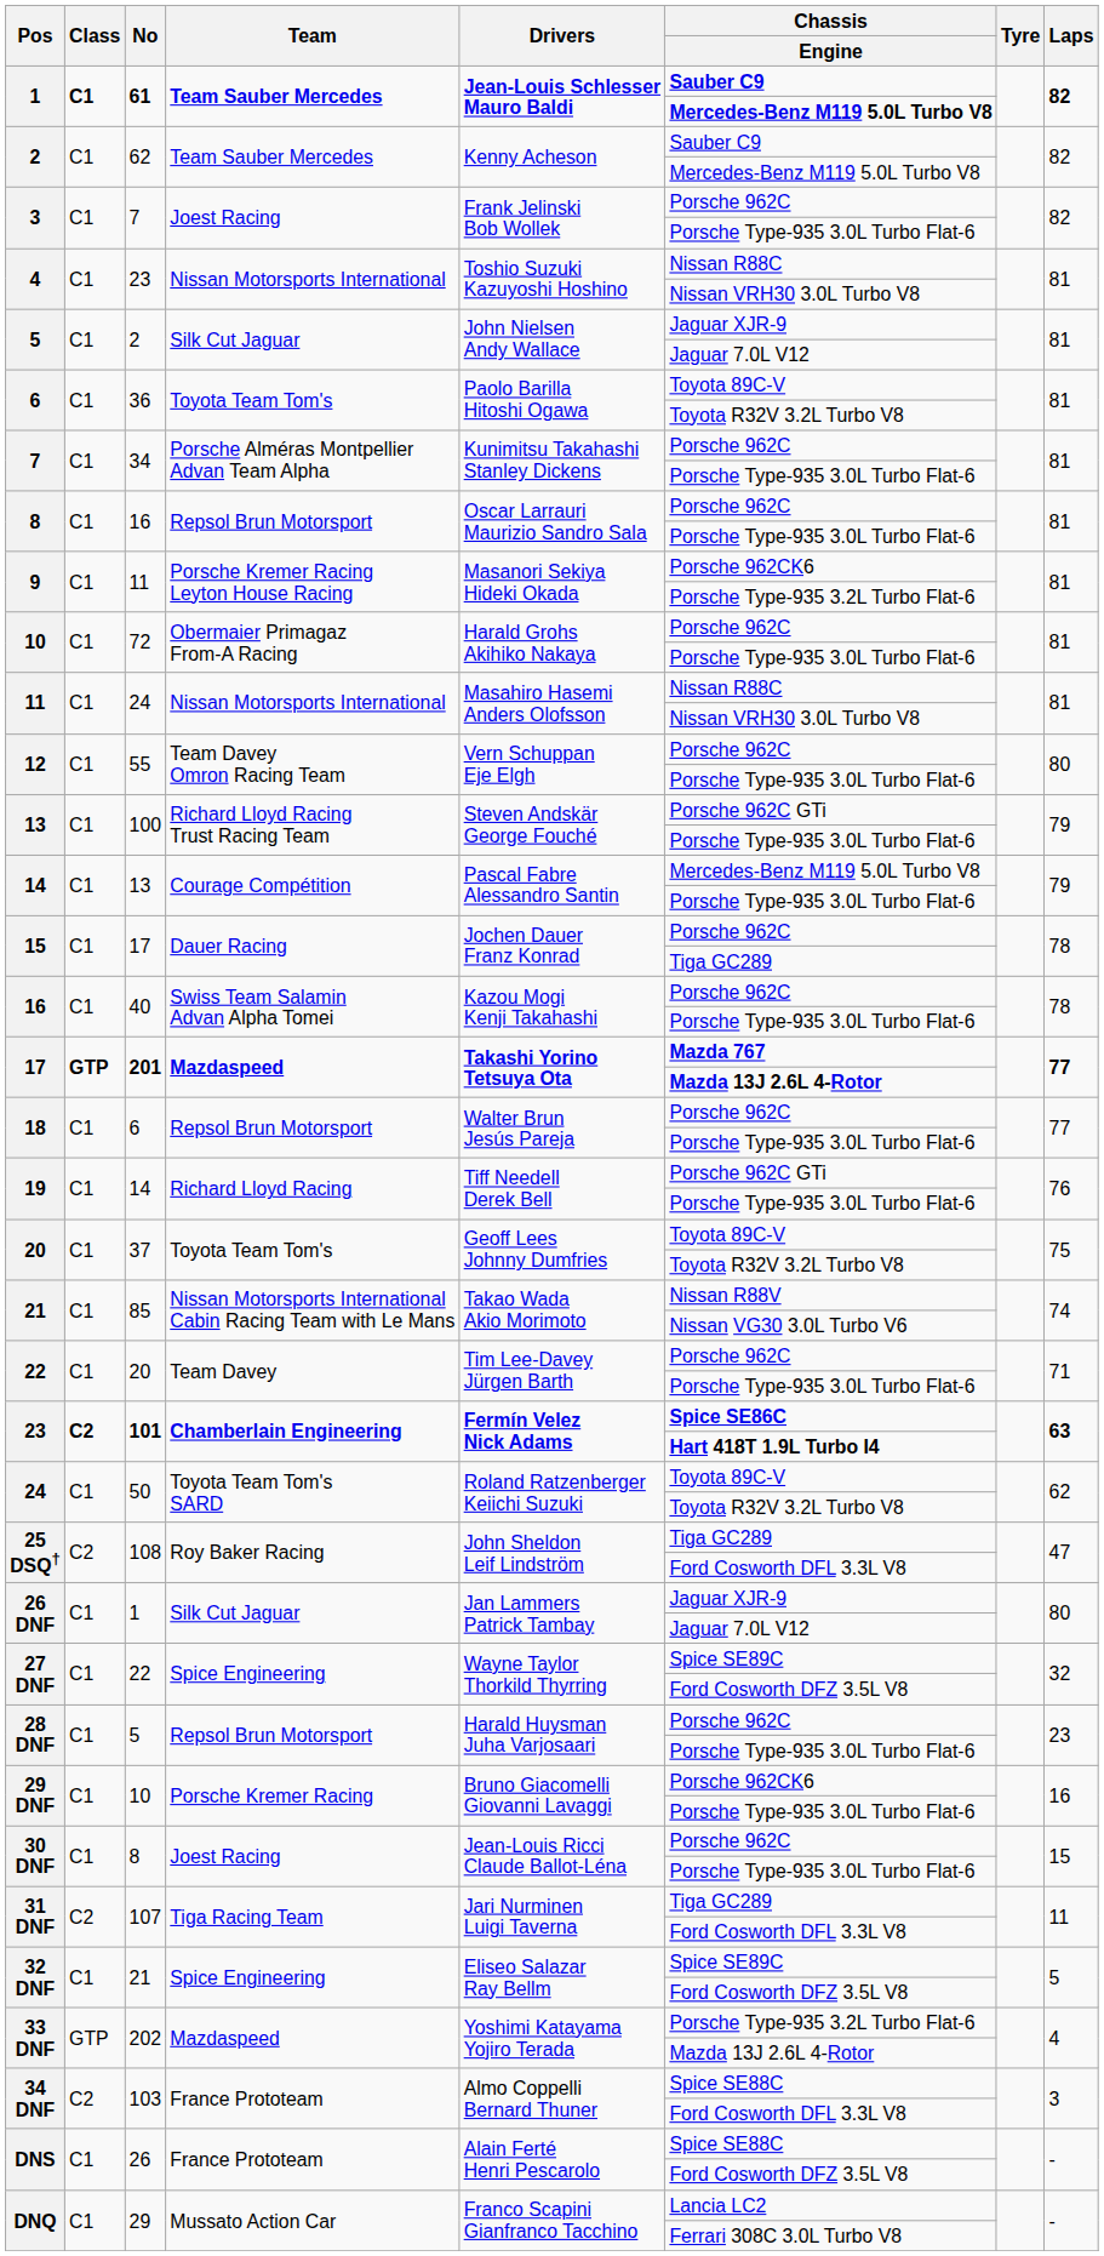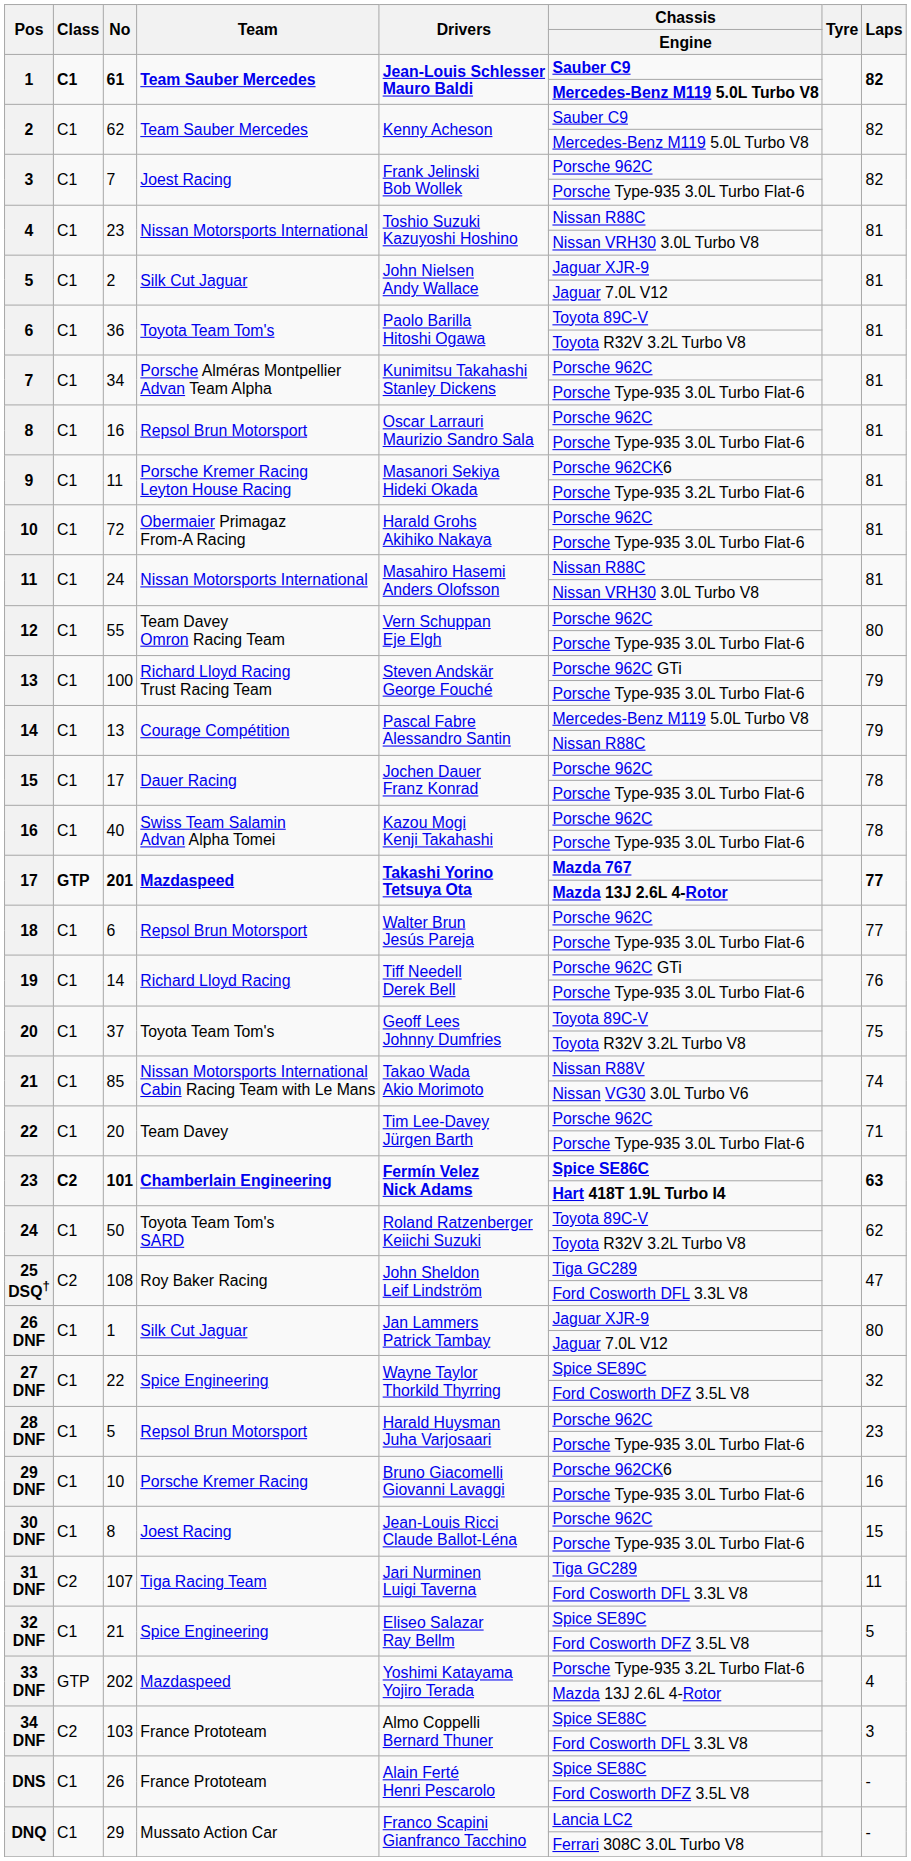 <table class="wikitable" style="font-size: 95%;">
 <tr>
 <th rowspan=2>Pos</th>
 <th rowspan=2>Class</th>
 <th rowspan=2>No</th>
 <th rowspan=2>Team</th>
 <th rowspan=2>Drivers</th>
 <th>Chassis</th>
 <th rowspan=2>Tyre</th>
 <th rowspan=2>Laps</th>
 </tr>
 <tr>
 <th>Engine</th>
 </tr>
 <tr style="font-weight:bold">
 <th rowspan=2>1</th>
 <td rowspan=2>C1</td>
 <td rowspan=2>61</td>
 <td rowspan=2> <a href='#'>Team Sauber Mercedes</a></td>
 <td rowspan=2> <a href='#'>Jean-Louis Schlesser</a><br> <a href='#'>Mauro Baldi</a></td>
 <td><a href='#'>Sauber C9</a></td>
 <td rowspan=2></td>
 <td rowspan=2>82</td>
 </tr>
 <tr style="font-weight:bold">
 <td><a href='#'>Mercedes-Benz M119</a> 5.0L Turbo V8</td>
 </tr>
 <tr>
 <th rowspan=2>2</th>
 <td rowspan=2>C1</td>
 <td rowspan=2>62</td>
 <td rowspan=2> <a href='#'>Team Sauber Mercedes</a></td>
 <td rowspan=2> <a href='#'>Kenny Acheson</a></td>
 <td><a href='#'>Sauber C9</a></td>
 <td rowspan=2></td>
 <td rowspan=2>82</td>
 </tr>
 <tr>
 <td><a href='#'>Mercedes-Benz M119</a> 5.0L Turbo V8</td>
 </tr>
 <tr>
 <th rowspan=2>3</th>
 <td rowspan=2>C1</td>
 <td rowspan=2>7</td>
 <td rowspan=2> <a href='#'>Joest Racing</a></td>
 <td rowspan=2> <a href='#'>Frank Jelinski</a><br> <a href='#'>Bob Wollek</a></td>
 <td><a href='#'>Porsche 962C</a></td>
 <td rowspan=2></td>
 <td rowspan=2>82</td>
 </tr>
 <tr>
 <td><a href='#'>Porsche</a> Type-935 3.0L Turbo Flat-6</td>
 </tr>
 <tr>
 <th rowspan=2>4</th>
 <td rowspan=2>C1</td>
 <td rowspan=2>23</td>
 <td rowspan=2> <a href='#'>Nissan Motorsports International</a></td>
 <td rowspan=2> <a href='#'>Toshio Suzuki</a><br> <a href='#'>Kazuyoshi Hoshino</a></td>
 <td><a href='#'>Nissan R88C</a></td>
 <td rowspan=2></td>
 <td rowspan=2>81</td>
 </tr>
 <tr>
 <td><a href='#'>Nissan VRH30</a> 3.0L Turbo V8</td>
 </tr>
 <tr>
 <th rowspan=2>5</th>
 <td rowspan=2>C1</td>
 <td rowspan=2>2</td>
 <td rowspan=2> <a href='#'>Silk Cut Jaguar</a></td>
 <td rowspan=2> <a href='#'>John Nielsen</a><br> <a href='#'>Andy Wallace</a></td>
 <td><a href='#'>Jaguar XJR-9</a></td>
 <td rowspan=2></td>
 <td rowspan=2>81</td>
 </tr>
 <tr>
 <td><a href='#'>Jaguar</a> 7.0L V12</td>
 </tr>
 <tr>
 <th rowspan=2>6</th>
 <td rowspan=2>C1</td>
 <td rowspan=2>36</td>
 <td rowspan=2> <a href='#'>Toyota Team Tom's</a></td>
 <td rowspan=2> <a href='#'>Paolo Barilla</a><br> <a href='#'>Hitoshi Ogawa</a></td>
 <td><a href='#'>Toyota 89C-V</a></td>
 <td rowspan=2></td>
 <td rowspan=2>81</td>
 </tr>
 <tr>
 <td><a href='#'>Toyota</a> R32V 3.2L Turbo V8</td>
 </tr>
 <tr>
 <th rowspan=2>7</th>
 <td rowspan=2>C1</td>
 <td rowspan=2>34</td>
 <td rowspan=2> <a href='#'>Porsche</a> Alméras Montpellier<br> <a href='#'>Advan</a> Team Alpha</td>
 <td rowspan=2> <a href='#'>Kunimitsu Takahashi</a><br> <a href='#'>Stanley Dickens</a></td>
 <td><a href='#'>Porsche 962C</a></td>
 <td rowspan=2></td>
 <td rowspan=2>81</td>
 </tr>
 <tr>
 <td><a href='#'>Porsche</a> Type-935 3.0L Turbo Flat-6</td>
 </tr>
 <tr>
 <th rowspan=2>8</th>
 <td rowspan=2>C1</td>
 <td rowspan=2>16</td>
 <td rowspan=2> <a href='#'>Repsol Brun Motorsport</a></td>
 <td rowspan=2> <a href='#'>Oscar Larrauri</a><br> <a href='#'>Maurizio Sandro Sala</a></td>
 <td><a href='#'>Porsche 962C</a></td>
 <td rowspan=2></td>
 <td rowspan=2>81</td>
 </tr>
 <tr>
 <td><a href='#'>Porsche</a> Type-935 3.0L Turbo Flat-6</td>
 </tr>
 <tr>
 <th rowspan=2>9</th>
 <td rowspan=2>C1</td>
 <td rowspan=2>11</td>
 <td rowspan=2> <a href='#'>Porsche Kremer Racing</a><br> <a href='#'>Leyton House Racing</a></td>
 <td rowspan=2> <a href='#'>Masanori Sekiya</a><br> <a href='#'>Hideki Okada</a></td>
 <td><a href='#'>Porsche 962CK</a>6</td>
 <td rowspan=2></td>
 <td rowspan=2>81</td>
 </tr>
 <tr>
 <td><a href='#'>Porsche</a> Type-935 3.2L Turbo Flat-6</td>
 </tr>
 <tr>
 <th rowspan=2>10</th>
 <td rowspan=2>C1</td>
 <td rowspan=2>72</td>
 <td rowspan=2> <a href='#'>Obermaier</a> Primagaz<br> From-A Racing</td>
 <td rowspan=2> <a href='#'>Harald Grohs</a><br> <a href='#'>Akihiko Nakaya</a></td>
 <td><a href='#'>Porsche 962C</a></td>
 <td rowspan=2></td>
 <td rowspan=2>81</td>
 </tr>
 <tr>
 <td><a href='#'>Porsche</a> Type-935 3.0L Turbo Flat-6</td>
 </tr>
 <tr>
 <th rowspan=2>11</th>
 <td rowspan=2>C1</td>
 <td rowspan=2>24</td>
 <td rowspan=2> <a href='#'>Nissan Motorsports International</a></td>
 <td rowspan=2> <a href='#'>Masahiro Hasemi</a><br> <a href='#'>Anders Olofsson</a></td>
 <td><a href='#'>Nissan R88C</a></td>
 <td rowspan=2></td>
 <td rowspan=2>81</td>
 </tr>
 <tr>
 <td><a href='#'>Nissan VRH30</a> 3.0L Turbo V8</td>
 </tr>
 <tr>
 <th rowspan=2>12</th>
 <td rowspan=2>C1</td>
 <td rowspan=2>55</td>
 <td rowspan=2> Team Davey<br> <a href='#'>Omron</a> Racing Team</td>
 <td rowspan=2> <a href='#'>Vern Schuppan</a><br> <a href='#'>Eje Elgh</a></td>
 <td><a href='#'>Porsche 962C</a></td>
 <td rowspan=2></td>
 <td rowspan=2>80</td>
 </tr>
 <tr>
 <td><a href='#'>Porsche</a> Type-935 3.0L Turbo Flat-6</td>
 </tr>
 <tr>
 <th rowspan=2>13</th>
 <td rowspan=2>C1</td>
 <td rowspan=2>100</td>
 <td rowspan=2> <a href='#'>Richard Lloyd Racing</a><br> Trust Racing Team</td>
 <td rowspan=2> <a href='#'>Steven Andskär</a><br> <a href='#'>George Fouché</a></td>
 <td><a href='#'>Porsche 962C</a> GTi</td>
 <td rowspan=2></td>
 <td rowspan=2>79</td>
 </tr>
 <tr>
 <td><a href='#'>Porsche</a> Type-935 3.0L Turbo Flat-6</td>
 </tr>
 <tr>
 <th rowspan=2>14</th>
 <td rowspan=2>C1</td>
 <td rowspan=2>13</td>
 <td rowspan=2> <a href='#'>Courage Compétition</a></td>
 <td rowspan=2> <a href='#'>Pascal Fabre</a><br> <a href='#'>Alessandro Santin</a></td>
 <td><a href='#'>Mercedes-Benz M119</a> 5.0L Turbo V8</td>
 <td rowspan=2></td>
 <td rowspan=2>79</td>
 </tr>
 <tr>
-<td><a href='#'>Porsche</a> Type-935 3.0L Turbo Flat-6</td>
+<td><a href='#'>Nissan R88C</a></td>
 </tr>
 <tr>
 <th rowspan=2>15</th>
 <td rowspan=2>C1</td>
 <td rowspan=2>17</td>
 <td rowspan=2> <a href='#'>Dauer Racing</a></td>
 <td rowspan=2> <a href='#'>Jochen Dauer</a><br> <a href='#'>Franz Konrad</a></td>
 <td><a href='#'>Porsche 962C</a></td>
 <td rowspan=2></td>
 <td rowspan=2>78</td>
 </tr>
 <tr>
-<td><a href='#'>Tiga GC289</a></td>
+<td><a href='#'>Porsche</a> Type-935 3.0L Turbo Flat-6</td>
 </tr>
 <tr>
 <th rowspan=2>16</th>
 <td rowspan=2>C1</td>
 <td rowspan=2>40</td>
 <td rowspan=2> <a href='#'>Swiss Team Salamin</a><br> <a href='#'>Advan</a> Alpha Tomei</td>
 <td rowspan=2> <a href='#'>Kazou Mogi</a><br> <a href='#'>Kenji Takahashi</a></td>
 <td><a href='#'>Porsche 962C</a></td>
 <td rowspan=2></td>
 <td rowspan=2>78</td>
 </tr>
 <tr>
 <td><a href='#'>Porsche</a> Type-935 3.0L Turbo Flat-6</td>
 </tr>
 <tr style="font-weight:bold">
 <th rowspan=2>17</th>
 <td rowspan=2>GTP</td>
 <td rowspan=2>201</td>
 <td rowspan=2> <a href='#'>Mazdaspeed</a></td>
 <td rowspan=2> <a href='#'>Takashi Yorino</a><br> <a href='#'>Tetsuya Ota</a></td>
 <td><a href='#'>Mazda 767</a></td>
 <td rowspan=2></td>
 <td rowspan=2>77</td>
 </tr>
 <tr style="font-weight:bold">
 <td><a href='#'>Mazda</a> 13J 2.6L 4-<a href='#'>Rotor</a></td>
 </tr>
 <tr>
 <th rowspan=2>18</th>
 <td rowspan=2>C1</td>
 <td rowspan=2>6</td>
 <td rowspan=2> <a href='#'>Repsol Brun Motorsport</a></td>
 <td rowspan=2> <a href='#'>Walter Brun</a><br> <a href='#'>Jesús Pareja</a></td>
 <td><a href='#'>Porsche 962C</a></td>
 <td rowspan=2></td>
 <td rowspan=2>77</td>
 </tr>
 <tr>
 <td><a href='#'>Porsche</a> Type-935 3.0L Turbo Flat-6</td>
 </tr>
 <tr>
 <th rowspan=2>19</th>
 <td rowspan=2>C1</td>
 <td rowspan=2>14</td>
 <td rowspan=2> <a href='#'>Richard Lloyd Racing</a></td>
 <td rowspan=2> <a href='#'>Tiff Needell</a><br> <a href='#'>Derek Bell</a></td>
 <td><a href='#'>Porsche 962C</a> GTi</td>
 <td rowspan=2></td>
 <td rowspan=2>76</td>
 </tr>
 <tr>
 <td><a href='#'>Porsche</a> Type-935 3.0L Turbo Flat-6</td>
 </tr>
 <tr>
 <th rowspan=2>20</th>
 <td rowspan=2>C1</td>
 <td rowspan=2>37</td>
 <td rowspan=2> Toyota Team Tom's</td>
 <td rowspan=2> <a href='#'>Geoff Lees</a><br> <a href='#'>Johnny Dumfries</a></td>
 <td><a href='#'>Toyota 89C-V</a></td>
 <td rowspan=2></td>
 <td rowspan=2>75</td>
 </tr>
 <tr>
 <td><a href='#'>Toyota</a> R32V 3.2L Turbo V8</td>
 </tr>
 <tr>
 <th rowspan=2>21</th>
 <td rowspan=2>C1</td>
 <td rowspan=2>85</td>
 <td rowspan=2> <a href='#'>Nissan Motorsports International</a><br> <a href='#'>Cabin</a> Racing Team with Le Mans</td>
 <td rowspan=2> <a href='#'>Takao Wada</a><br> <a href='#'>Akio Morimoto</a></td>
 <td><a href='#'>Nissan R88V</a></td>
 <td rowspan=2></td>
 <td rowspan=2>74</td>
 </tr>
 <tr>
 <td><a href='#'>Nissan</a> <a href='#'>VG30</a> 3.0L Turbo V6</td>
 </tr>
 <tr>
 <th rowspan=2>22</th>
 <td rowspan=2>C1</td>
 <td rowspan=2>20</td>
 <td rowspan=2> Team Davey</td>
 <td rowspan=2> <a href='#'>Tim Lee-Davey</a><br> <a href='#'>Jürgen Barth</a></td>
 <td><a href='#'>Porsche 962C</a></td>
 <td rowspan=2></td>
 <td rowspan=2>71</td>
 </tr>
 <tr>
 <td><a href='#'>Porsche</a> Type-935 3.0L Turbo Flat-6</td>
 </tr>
 <tr style="font-weight:bold">
 <th rowspan=2>23</th>
 <td rowspan=2>C2</td>
 <td rowspan=2>101</td>
 <td rowspan=2> <a href='#'>Chamberlain Engineering</a></td>
 <td rowspan=2> <a href='#'>Fermín Velez</a><br> <a href='#'>Nick Adams</a></td>
 <td><a href='#'>Spice SE86C</a></td>
 <td rowspan=2></td>
 <td rowspan=2>63</td>
 </tr>
 <tr style="font-weight:bold">
 <td><a href='#'>Hart</a> 418T 1.9L Turbo I4</td>
 </tr>
 <tr>
 <th rowspan=2>24</th>
 <td rowspan=2>C1</td>
 <td rowspan=2>50</td>
 <td rowspan=2> Toyota Team Tom's<br> <a href='#'>SARD</a></td>
 <td rowspan=2> <a href='#'>Roland Ratzenberger</a><br> <a href='#'>Keiichi Suzuki</a></td>
 <td><a href='#'>Toyota 89C-V</a></td>
 <td rowspan=2></td>
 <td rowspan=2>62</td>
 </tr>
 <tr>
 <td><a href='#'>Toyota</a> R32V 3.2L Turbo V8</td>
 </tr>
 <tr>
 <th rowspan=2>25<br>DSQ<sup>†</sup></th>
 <td rowspan=2>C2</td>
 <td rowspan=2>108</td>
 <td rowspan=2> Roy Baker Racing</td>
 <td rowspan=2> <a href='#'>John Sheldon</a><br> <a href='#'>Leif Lindström</a></td>
 <td><a href='#'>Tiga GC289</a></td>
 <td rowspan=2></td>
 <td rowspan=2>47</td>
 </tr>
 <tr>
 <td><a href='#'>Ford Cosworth DFL</a> 3.3L V8</td>
 </tr>
 <tr>
 <th rowspan=2>26<br>DNF</th>
 <td rowspan=2>C1</td>
 <td rowspan=2>1</td>
 <td rowspan=2> <a href='#'>Silk Cut Jaguar</a></td>
 <td rowspan=2> <a href='#'>Jan Lammers</a><br> <a href='#'>Patrick Tambay</a></td>
 <td><a href='#'>Jaguar XJR-9</a></td>
 <td rowspan=2></td>
 <td rowspan=2>80</td>
 </tr>
 <tr>
 <td><a href='#'>Jaguar</a> 7.0L V12</td>
 </tr>
 <tr>
 <th rowspan=2>27<br>DNF</th>
 <td rowspan=2>C1</td>
 <td rowspan=2>22</td>
 <td rowspan=2> <a href='#'>Spice Engineering</a></td>
 <td rowspan=2> <a href='#'>Wayne Taylor</a><br> <a href='#'>Thorkild Thyrring</a></td>
 <td><a href='#'>Spice SE89C</a></td>
 <td rowspan=2></td>
 <td rowspan=2>32</td>
 </tr>
 <tr>
 <td><a href='#'>Ford Cosworth DFZ</a> 3.5L V8</td>
 </tr>
 <tr>
 <th rowspan=2>28<br>DNF</th>
 <td rowspan=2>C1</td>
 <td rowspan=2>5</td>
 <td rowspan=2> <a href='#'>Repsol Brun Motorsport</a></td>
 <td rowspan=2> <a href='#'>Harald Huysman</a><br> <a href='#'>Juha Varjosaari</a></td>
 <td><a href='#'>Porsche 962C</a></td>
 <td rowspan=2></td>
 <td rowspan=2>23</td>
 </tr>
 <tr>
 <td><a href='#'>Porsche</a> Type-935 3.0L Turbo Flat-6</td>
 </tr>
 <tr>
 <th rowspan=2>29<br>DNF</th>
 <td rowspan=2>C1</td>
 <td rowspan=2>10</td>
 <td rowspan=2> <a href='#'>Porsche Kremer Racing</a></td>
 <td rowspan=2> <a href='#'>Bruno Giacomelli</a><br> <a href='#'>Giovanni Lavaggi</a></td>
 <td><a href='#'>Porsche 962CK</a>6</td>
 <td rowspan=2></td>
 <td rowspan=2>16</td>
 </tr>
 <tr>
 <td><a href='#'>Porsche</a> Type-935 3.0L Turbo Flat-6</td>
 </tr>
 <tr>
 <th rowspan=2>30<br>DNF</th>
 <td rowspan=2>C1</td>
 <td rowspan=2>8</td>
 <td rowspan=2> <a href='#'>Joest Racing</a></td>
 <td rowspan=2> <a href='#'>Jean-Louis Ricci</a><br> <a href='#'>Claude Ballot-Léna</a></td>
 <td><a href='#'>Porsche 962C</a></td>
 <td rowspan=2></td>
 <td rowspan=2>15</td>
 </tr>
 <tr>
 <td><a href='#'>Porsche</a> Type-935 3.0L Turbo Flat-6</td>
 </tr>
 <tr>
 <th rowspan=2>31<br>DNF</th>
 <td rowspan=2>C2</td>
 <td rowspan=2>107</td>
 <td rowspan=2> <a href='#'>Tiga Racing Team</a></td>
 <td rowspan=2> <a href='#'>Jari Nurminen</a><br> <a href='#'>Luigi Taverna</a></td>
 <td><a href='#'>Tiga GC289</a></td>
 <td rowspan=2></td>
 <td rowspan=2>11</td>
 </tr>
 <tr>
 <td><a href='#'>Ford Cosworth DFL</a> 3.3L V8</td>
 </tr>
 <tr>
 <th rowspan=2>32<br>DNF</th>
 <td rowspan=2>C1</td>
 <td rowspan=2>21</td>
 <td rowspan=2> <a href='#'>Spice Engineering</a></td>
 <td rowspan=2> <a href='#'>Eliseo Salazar</a><br> <a href='#'>Ray Bellm</a></td>
 <td><a href='#'>Spice SE89C</a></td>
 <td rowspan=2></td>
 <td rowspan=2>5</td>
 </tr>
 <tr>
 <td><a href='#'>Ford Cosworth DFZ</a> 3.5L V8</td>
 </tr>
 <tr>
 <th rowspan=2>33<br>DNF</th>
 <td rowspan=2>GTP</td>
 <td rowspan=2>202</td>
 <td rowspan=2> <a href='#'>Mazdaspeed</a></td>
 <td rowspan=2> <a href='#'>Yoshimi Katayama</a><br> <a href='#'>Yojiro Terada</a></td>
 <td><a href='#'>Porsche</a> Type-935 3.2L Turbo Flat-6</td>
 <td rowspan=2></td>
 <td rowspan=2>4</td>
 </tr>
 <tr>
 <td><a href='#'>Mazda</a> 13J 2.6L 4-<a href='#'>Rotor</a></td>
 </tr>
 <tr>
 <th rowspan=2>34<br>DNF</th>
 <td rowspan=2>C2</td>
 <td rowspan=2>103</td>
 <td rowspan=2> France Prototeam</td>
 <td rowspan=2> Almo Coppelli<br> <a href='#'>Bernard Thuner</a></td>
 <td><a href='#'>Spice SE88C</a></td>
 <td rowspan=2></td>
 <td rowspan=2>3</td>
 </tr>
 <tr>
 <td><a href='#'>Ford Cosworth DFL</a> 3.3L V8</td>
 </tr>
 <tr>
 <th rowspan=2>DNS</th>
 <td rowspan=2>C1</td>
 <td rowspan=2>26</td>
 <td rowspan=2> France Prototeam</td>
 <td rowspan=2> <a href='#'>Alain Ferté</a><br> <a href='#'>Henri Pescarolo</a></td>
 <td><a href='#'>Spice SE88C</a></td>
 <td rowspan=2></td>
 <td rowspan=2>-</td>
 </tr>
 <tr>
 <td><a href='#'>Ford Cosworth DFZ</a> 3.5L V8</td>
 </tr>
 <tr>
 <th rowspan=2>DNQ</th>
 <td rowspan=2>C1</td>
 <td rowspan=2>29</td>
 <td rowspan=2> Mussato Action Car</td>
 <td rowspan=2> <a href='#'>Franco Scapini</a><br> <a href='#'>Gianfranco Tacchino</a></td>
 <td><a href='#'>Lancia LC2</a></td>
 <td rowspan=2></td>
 <td rowspan=2>-</td>
 </tr>
 <tr>
 <td><a href='#'>Ferrari</a> 308C 3.0L Turbo V8</td>
 </tr>
 </table>
